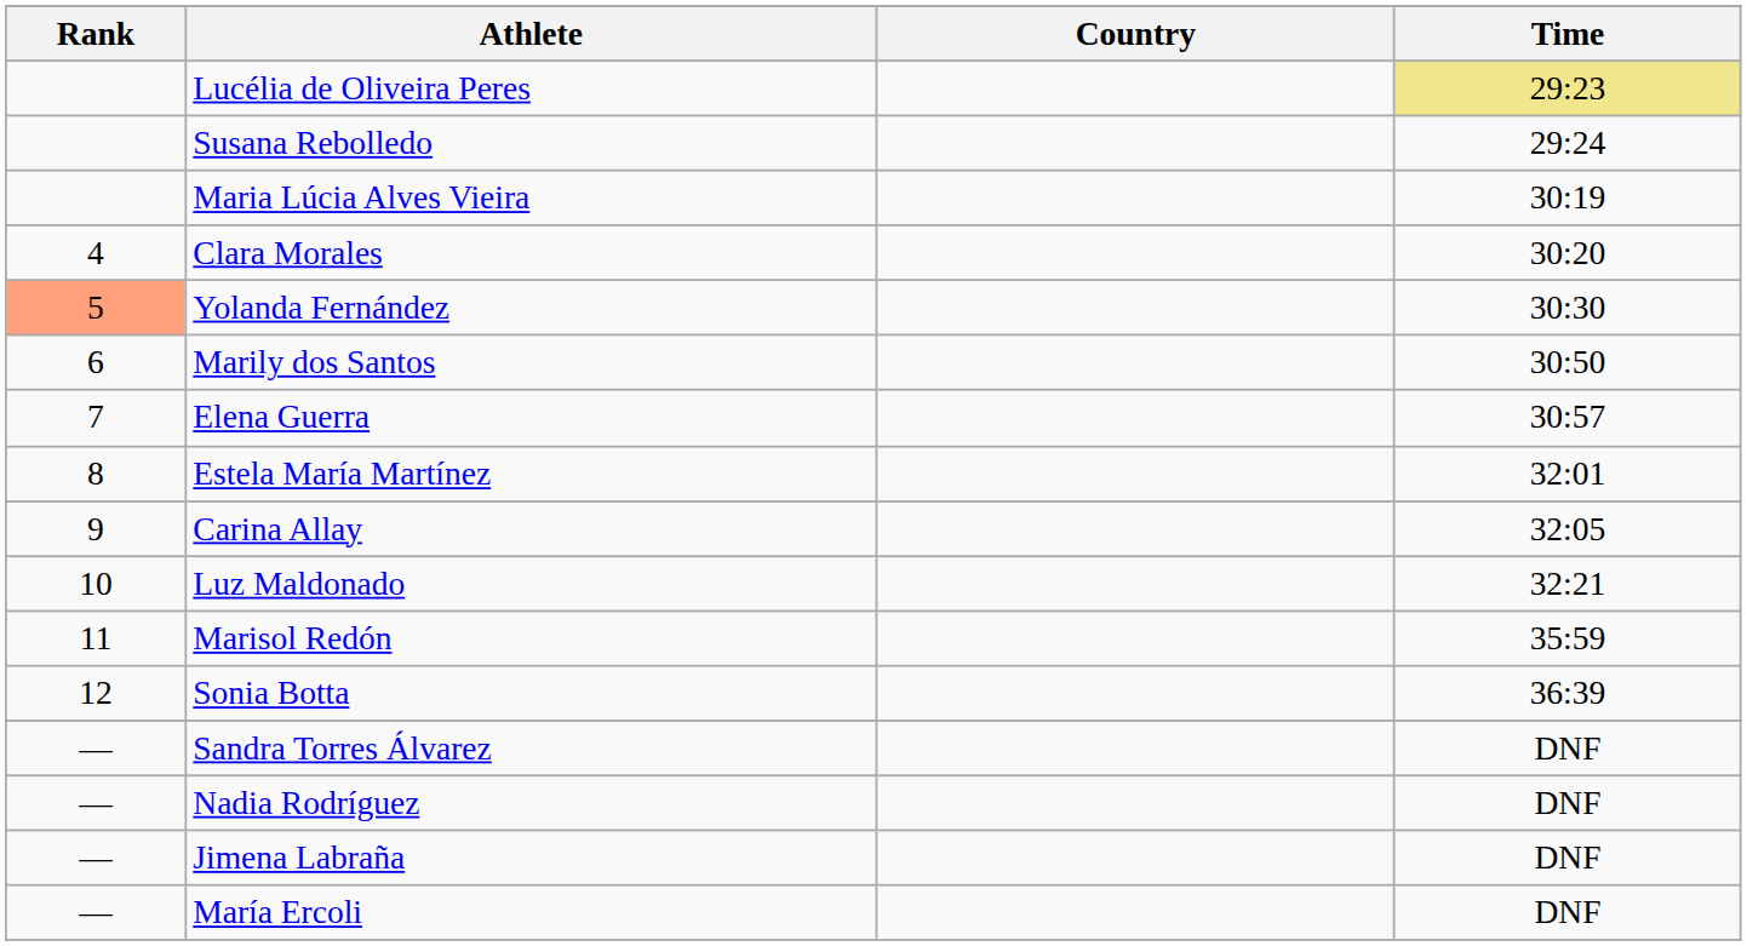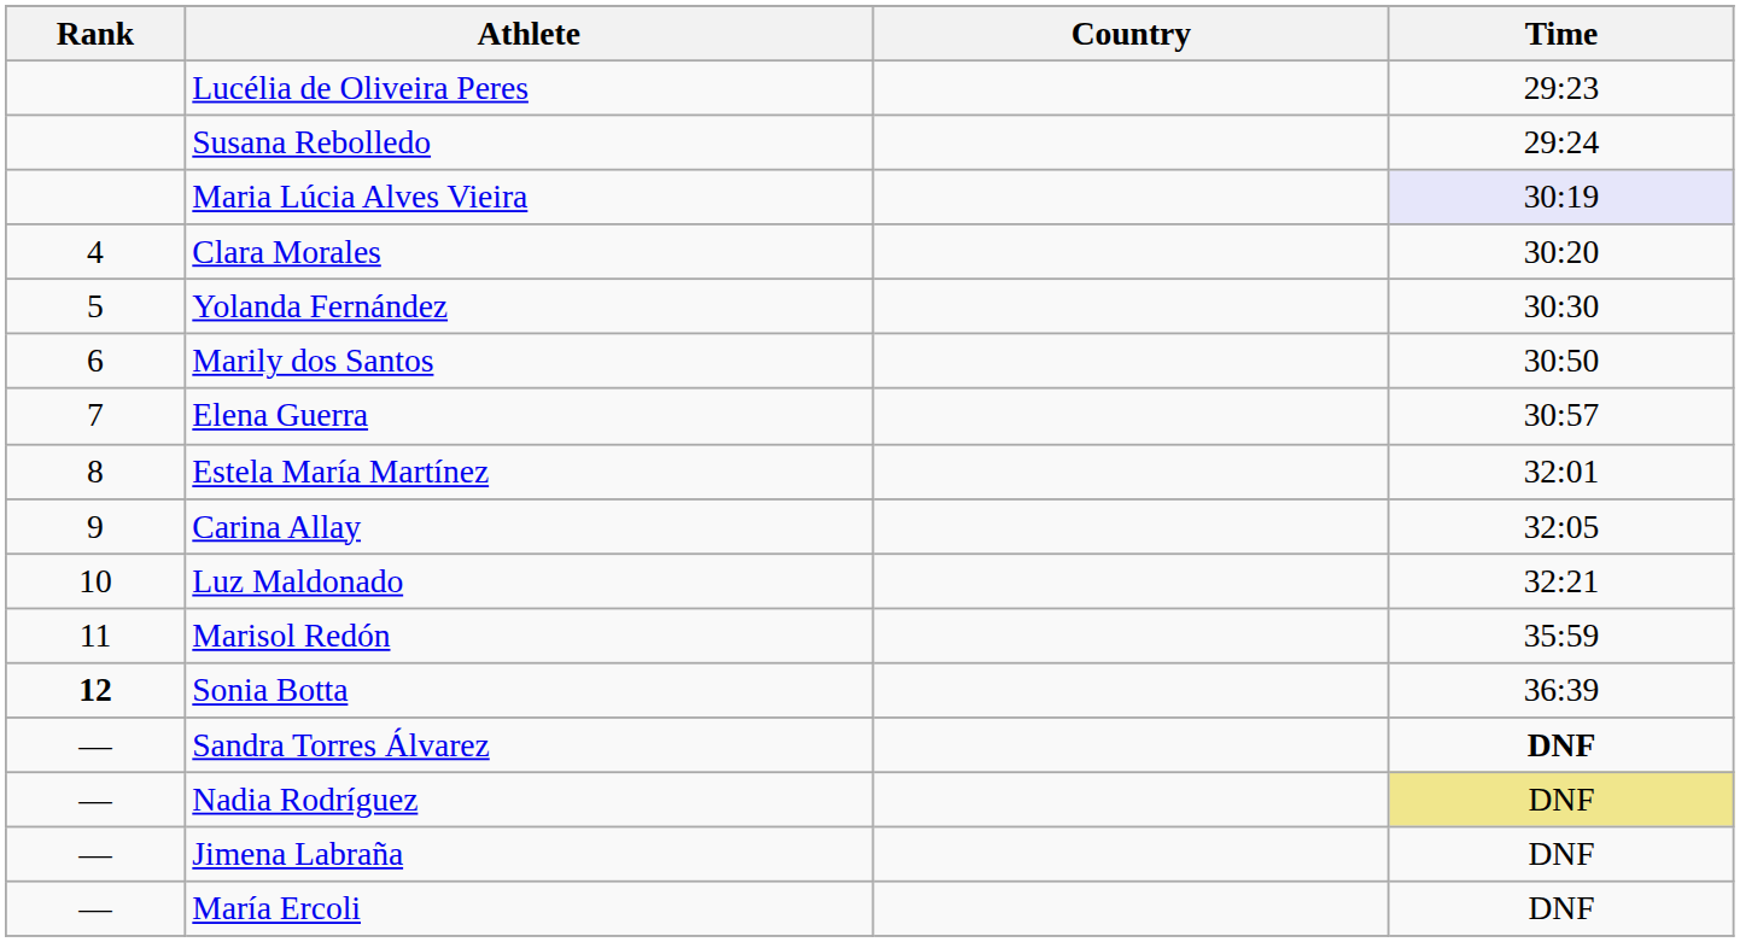 <table class="wikitable sortable" style=" text-align:center; font-size:95%;" width="50%">
 <tr>
 </tr>
 <tr>
 <th width=5%>Rank</th>
 <th width=20%>Athlete</th>
 <th width=15%>Country</th>
 <th width=10%>Time</th>
 </tr>
 <tr>
 <td align=center></td>
 <td align=left><a href='#'>Lucélia de Oliveira Peres</a></td>
 <td align=left></td>
-<td style="background: khaki;">29:23</td>
+<td>29:23</td>
 </tr>
 <tr>
 <td align=center></td>
 <td align=left><a href='#'>Susana Rebolledo</a></td>
 <td align=left></td>
 <td>29:24</td>
 </tr>
 <tr>
 <td align=center></td>
 <td align=left><a href='#'>Maria Lúcia Alves Vieira</a></td>
 <td align=left></td>
-<td>30:19</td>
+<td style="background: lavender;">30:19</td>
 </tr>
 <tr>
 <td align=center>4</td>
 <td align=left><a href='#'>Clara Morales</a></td>
 <td align=left></td>
 <td>30:20</td>
 </tr>
 <tr>
-<td align=center style="background: lightsalmon;">5</td>
+<td align=center>5</td>
 <td align=left><a href='#'>Yolanda Fernández</a></td>
 <td align=left></td>
 <td>30:30</td>
 </tr>
 <tr>
 <td align=center>6</td>
 <td align=left><a href='#'>Marily dos Santos</a></td>
 <td align=left></td>
 <td>30:50</td>
 </tr>
 <tr>
 <td align=center>7</td>
 <td align=left><a href='#'>Elena Guerra</a></td>
 <td align=left></td>
 <td>30:57</td>
 </tr>
 <tr>
 <td align=center>8</td>
 <td align=left><a href='#'>Estela María Martínez</a></td>
 <td align=left></td>
 <td>32:01</td>
 </tr>
 <tr>
 <td align=center>9</td>
 <td align=left><a href='#'>Carina Allay</a></td>
 <td align=left></td>
 <td>32:05</td>
 </tr>
 <tr>
 <td align=center>10</td>
 <td align=left><a href='#'>Luz Maldonado</a></td>
 <td align=left></td>
 <td>32:21</td>
 </tr>
 <tr>
 <td align=center>11</td>
 <td align=left><a href='#'>Marisol Redón</a></td>
 <td align=left></td>
 <td>35:59</td>
 </tr>
 <tr>
-<td align=center>12</td>
+<td align=center><strong>12</strong></td>
 <td align=left><a href='#'>Sonia Botta</a></td>
 <td align=left></td>
 <td>36:39</td>
 </tr>
 <tr>
 <td align=center>—</td>
 <td align=left><a href='#'>Sandra Torres Álvarez</a></td>
 <td align=left></td>
-<td>DNF</td>
+<td><strong>DNF</strong></td>
 </tr>
 <tr>
 <td align=center>—</td>
 <td align=left><a href='#'>Nadia Rodríguez</a></td>
 <td align=left></td>
-<td>DNF</td>
+<td style="background: khaki;">DNF</td>
 </tr>
 <tr>
 <td align=center>—</td>
 <td align=left><a href='#'>Jimena Labraña</a></td>
 <td align=left></td>
 <td>DNF</td>
 </tr>
 <tr>
 <td align=center>—</td>
 <td align=left><a href='#'>María Ercoli</a></td>
 <td align=left></td>
 <td>DNF</td>
 </tr>
 </table>
